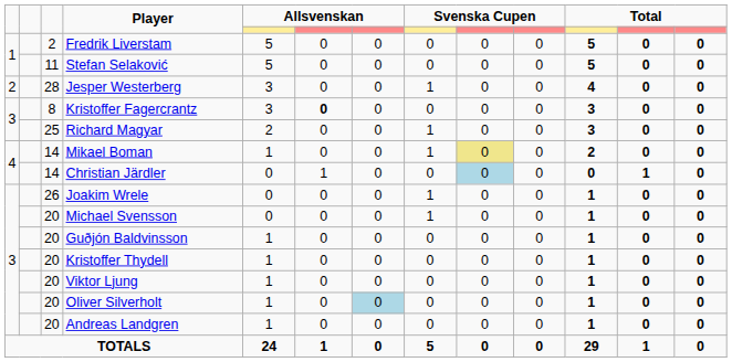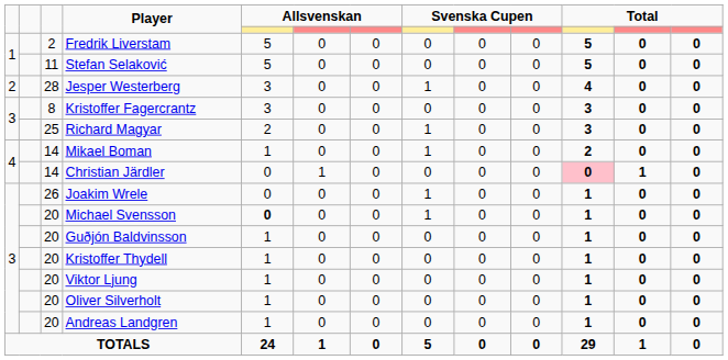 <table class="wikitable" style="font-size: 90%; text-align: center;">
 <tr>
 <td rowspan=2  style="width:2%;"><strong></strong></td>
 <td rowspan=2  style="width:3%;"><strong></strong></td>
 <td rowspan=2  style="width:3%;"><strong></strong></td>
 <td rowspan=2  style="width:25%;"><strong>Player</strong></td>
 <td colspan=3><strong>Allsvenskan</strong></td>
 <td colspan=3><strong>Svenska Cupen</strong></td>
 <td colspan=3><strong>Total</strong></td>
 </tr>
 <tr>
 <th style="width:25px; background:#fe9;"></th>
 <th style="width:28px; background:#ff8888;"></th>
 <th style="width:25px; background:#ff8888;"></th>
 <th style="width:25px; background:#fe9;"></th>
 <th style="width:28px; background:#ff8888;"></th>
 <th style="width:25px; background:#ff8888;"></th>
 <th style="width:25px; background:#fe9;"></th>
 <th style="width:28px; background:#ff8888;"></th>
 <th style="width:25px; background:#ff8888;"></th>
 </tr>
 <tr>
 <td rowspan=2>1</td>
 <td></td>
 <td>2</td>
 <td align=left> <a href='#'>Fredrik Liverstam</a></td>
 <td>5</td>
 <td>0</td>
 <td>0</td>
 <td>0</td>
 <td>0</td>
 <td>0</td>
 <td><strong>5</strong></td>
 <td><strong>0</strong></td>
 <td><strong>0</strong></td>
 </tr>
 <tr>
 <td></td>
 <td>11</td>
 <td align=left> <a href='#'>Stefan Selaković</a></td>
 <td>5</td>
 <td>0</td>
 <td>0</td>
 <td>0</td>
 <td>0</td>
 <td>0</td>
 <td><strong>5</strong></td>
 <td><strong>0</strong></td>
 <td><strong>0</strong></td>
 </tr>
 <tr>
 <td>2</td>
 <td></td>
 <td>28</td>
 <td align=left> <a href='#'>Jesper Westerberg</a></td>
 <td>3</td>
 <td>0</td>
 <td>0</td>
 <td>1</td>
 <td>0</td>
 <td>0</td>
 <td><strong>4</strong></td>
 <td><strong>0</strong></td>
 <td><strong>0</strong></td>
 </tr>
 <tr>
 <td rowspan=2>3</td>
 <td></td>
 <td>8</td>
 <td align=left> <a href='#'>Kristoffer Fagercrantz</a></td>
 <td>3</td>
-<td><strong>0</strong></td>
+<td>0</td>
 <td>0</td>
 <td>0</td>
 <td>0</td>
 <td>0</td>
 <td><strong>3</strong></td>
 <td><strong>0</strong></td>
 <td><strong>0</strong></td>
 </tr>
 <tr>
 <td></td>
 <td>25</td>
 <td align=left> <a href='#'>Richard Magyar</a></td>
 <td>2</td>
 <td>0</td>
 <td>0</td>
 <td>1</td>
 <td>0</td>
 <td>0</td>
 <td><strong>3</strong></td>
 <td><strong>0</strong></td>
 <td><strong>0</strong></td>
 </tr>
 <tr>
 <td rowspan=2>4</td>
 <td></td>
 <td>14</td>
 <td align=left> <a href='#'>Mikael Boman</a></td>
 <td>1</td>
 <td>0</td>
 <td>0</td>
 <td>1</td>
-<td style="background: khaki;">0</td>
+<td>0</td>
 <td>0</td>
 <td><strong>2</strong></td>
 <td><strong>0</strong></td>
 <td><strong>0</strong></td>
 </tr>
 <tr>
 <td></td>
 <td>14</td>
 <td align=left> <a href='#'>Christian Järdler</a></td>
 <td>0</td>
 <td>1</td>
 <td>0</td>
 <td>0</td>
-<td style="background: lightblue;">0</td>
 <td>0</td>
-<td><strong>0</strong></td>
+<td>0</td>
+<td style="background: pink;"><strong>0</strong></td>
 <td><strong>1</strong></td>
 <td><strong>0</strong></td>
 </tr>
 <tr>
 <td rowspan=7>3</td>
 <td></td>
 <td>26</td>
 <td align=left> <a href='#'>Joakim Wrele</a></td>
 <td>0</td>
 <td>0</td>
 <td>0</td>
 <td>1</td>
 <td>0</td>
 <td>0</td>
 <td><strong>1</strong></td>
 <td><strong>0</strong></td>
 <td><strong>0</strong></td>
 </tr>
 <tr>
 <td></td>
 <td>20</td>
 <td align=left> <a href='#'>Michael Svensson</a></td>
-<td>0</td>
+<td><strong>0</strong></td>
 <td>0</td>
 <td>0</td>
 <td>1</td>
 <td>0</td>
 <td>0</td>
 <td><strong>1</strong></td>
 <td><strong>0</strong></td>
 <td><strong>0</strong></td>
 </tr>
 <tr>
 <td></td>
 <td>20</td>
 <td align=left> <a href='#'>Guðjón Baldvinsson</a></td>
 <td>1</td>
 <td>0</td>
 <td>0</td>
 <td>0</td>
 <td>0</td>
 <td>0</td>
 <td><strong>1</strong></td>
 <td><strong>0</strong></td>
 <td><strong>0</strong></td>
 </tr>
 <tr>
 <td></td>
 <td>20</td>
 <td align=left> <a href='#'>Kristoffer Thydell</a></td>
 <td>1</td>
 <td>0</td>
 <td>0</td>
 <td>0</td>
 <td>0</td>
 <td>0</td>
 <td><strong>1</strong></td>
 <td><strong>0</strong></td>
 <td><strong>0</strong></td>
 </tr>
 <tr>
 <td></td>
 <td>20</td>
 <td align=left> <a href='#'>Viktor Ljung</a></td>
 <td>1</td>
 <td>0</td>
 <td>0</td>
 <td>0</td>
 <td>0</td>
 <td>0</td>
 <td><strong>1</strong></td>
 <td><strong>0</strong></td>
 <td><strong>0</strong></td>
 </tr>
 <tr>
 <td></td>
 <td>20</td>
 <td align=left> <a href='#'>Oliver Silverholt</a></td>
 <td>1</td>
 <td>0</td>
-<td style="background: lightblue;">0</td>
+<td>0</td>
 <td>0</td>
 <td>0</td>
 <td>0</td>
 <td><strong>1</strong></td>
 <td><strong>0</strong></td>
 <td><strong>0</strong></td>
 </tr>
 <tr>
 <td></td>
 <td>20</td>
 <td align=left> <a href='#'>Andreas Landgren</a></td>
 <td>1</td>
 <td>0</td>
 <td>0</td>
 <td>0</td>
 <td>0</td>
 <td>0</td>
 <td><strong>1</strong></td>
 <td><strong>0</strong></td>
 <td><strong>0</strong></td>
 </tr>
 <tr>
 <td colspan=4><strong>TOTALS</strong></td>
 <td><strong>24</strong></td>
 <td><strong>1</strong></td>
 <td><strong>0</strong></td>
 <td><strong>5</strong></td>
 <td><strong>0</strong></td>
 <td><strong>0</strong></td>
 <td><strong>29</strong></td>
 <td><strong>1</strong></td>
 <td><strong>0</strong></td>
 </tr>
 </table>
